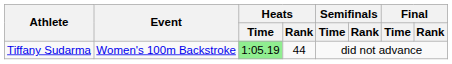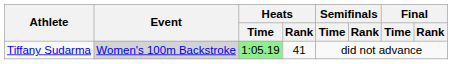 <table class=wikitable style="font-size:90%">
 <tr>
 <th rowspan="2">Athlete</th>
 <th rowspan="2">Event</th>
 <th colspan="2">Heats</th>
 <th colspan="2">Semifinals</th>
 <th colspan="2">Final</th>
 </tr>
 <tr>
 <th>Time</th>
 <th>Rank</th>
 <th>Time</th>
 <th>Rank</th>
 <th>Time</th>
 <th>Rank</th>
 </tr>
 <tr>
 <td rowspan="1"><a href='#'>Tiffany Sudarma</a></td>
-<td><a href='#'>Women's 100m Backstroke</a></td>
+<td style="background: lightgrey;"><a href='#'>Women's 100m Backstroke</a></td>
 <td align=center style="background: lightgreen;">1:05.19</td>
-<td align=center>44</td>
+<td align=center>41</td>
 <td align=center colspan=4>did not advance</td>
 </tr>
 </table>
